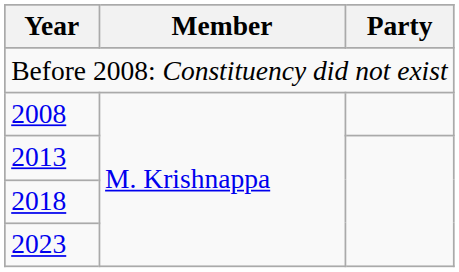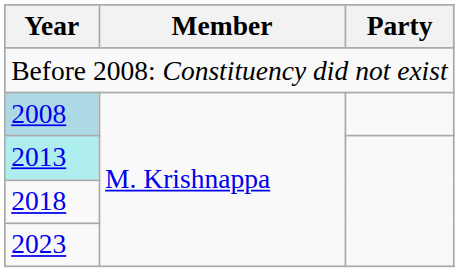 <table class="wikitable sortable">
 <tr>
 <th>Year</th>
 <th>Member</th>
 <th colspan=2>Party</th>
 </tr>
 <tr>
 <td colspan=4>Before 2008: <em>Constituency did not exist</em></td>
 </tr>
 <tr>
-<td><a href='#'>2008</a></td>
+<td style="background: lightblue;"><a href='#'>2008</a></td>
 <td rowspan=4><a href='#'>M. Krishnappa</a></td>
 <td></td>
 </tr>
 <tr>
-<td><a href='#'>2013</a></td>
+<td style="background: paleturquoise;"><a href='#'>2013</a></td>
 </tr>
 <tr>
 <td><a href='#'>2018</a></td>
 </tr>
 <tr>
 <td><a href='#'>2023</a></td>
 </tr>
 </table>
